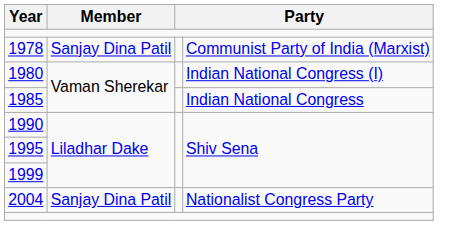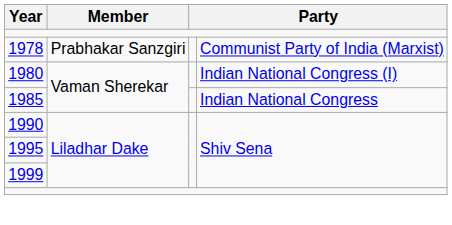 <table class="wikitable">
 <tr>
 <th>Year</th>
 <th>Member</th>
 <th colspan="2">Party</th>
 </tr>
 <tr>
 <td colspan="4"></td>
 </tr>
 <tr>
 <td><a href='#'>1978</a></td>
-<td><a href='#'>Sanjay Dina Patil</a></td>
+<td>Prabhakar Sanzgiri</td>
 <td style="background-color: "></td>
 <td><a href='#'>Communist Party of India (Marxist)</a></td>
 </tr>
 <tr>
 <td><a href='#'>1980</a></td>
 <td rowspan="2">Vaman Sherekar</td>
 <td style="background-color: "></td>
 <td><a href='#'>Indian National Congress (I)</a></td>
 </tr>
 <tr>
 <td><a href='#'>1985</a></td>
 <td style="background-color: "></td>
 <td><a href='#'>Indian National Congress</a></td>
 </tr>
 <tr>
 <td><a href='#'>1990</a></td>
 <td rowspan="3"><a href='#'>Liladhar Dake</a></td>
 <td rowspan="3" style="background-color: "></td>
 <td rowspan="3"><a href='#'>Shiv Sena</a></td>
 </tr>
 <tr>
 <td><a href='#'>1995</a></td>
 </tr>
 <tr>
 <td><a href='#'>1999</a></td>
 </tr>
 <tr>
-<td><a href='#'>2004</a></td>
-<td><a href='#'>Sanjay Dina Patil</a></td>
-<td style="background-color: "></td>
-<td><a href='#'>Nationalist Congress Party</a></td>
-</tr>
-<tr>
 <td colspan="4"></td>
 </tr>
 </table>
